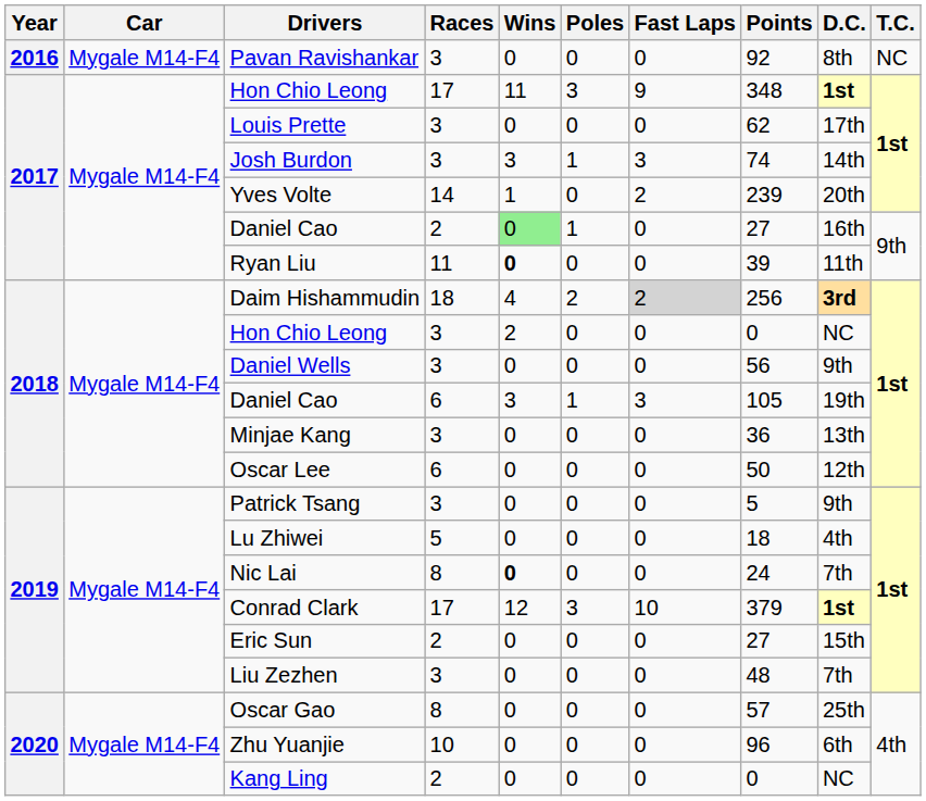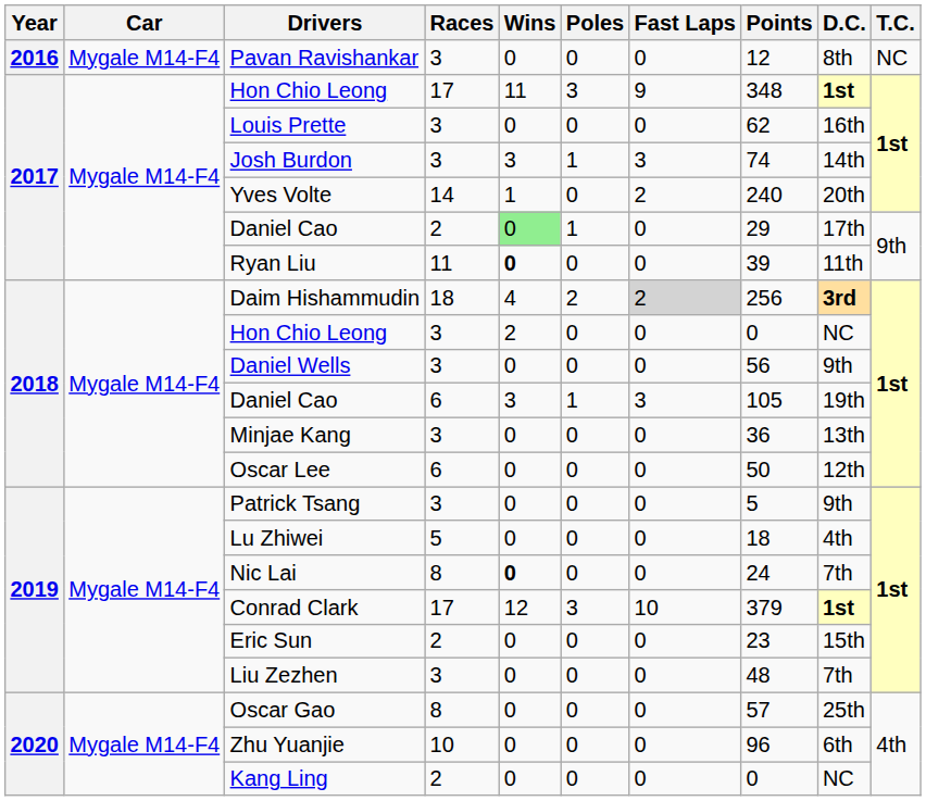 <table class="wikitable" style="font-size: 90%;">
 <tr>
 <th>Year</th>
 <th>Car</th>
 <th>Drivers</th>
 <th>Races</th>
 <th>Wins</th>
 <th>Poles</th>
 <th>Fast Laps</th>
 <th>Points</th>
 <th>D.C.</th>
 <th>T.C.</th>
 </tr>
 <tr>
 <th><a href='#'>2016</a></th>
 <td align=left><a href='#'>Mygale M14-F4</a></td>
 <td align=left> <a href='#'>Pavan Ravishankar</a></td>
 <td>3</td>
 <td>0</td>
 <td>0</td>
 <td>0</td>
-<td>92</td>
+<td>12</td>
 <td>8th</td>
 <td>NC</td>
 </tr>
 <tr>
 <th rowspan="6"><a href='#'>2017</a></th>
 <td rowspan="6" align=left><a href='#'>Mygale M14-F4</a></td>
 <td align=left> <a href='#'>Hon Chio Leong</a></td>
 <td>17</td>
 <td>11</td>
 <td>3</td>
 <td>9</td>
 <td>348</td>
 <td style="background:#FFFFBF;"><strong>1st</strong></td>
 <td rowspan="4" style="background:#FFFFBF;"><strong>1st</strong></td>
 </tr>
 <tr>
 <td align=left> <a href='#'>Louis Prette</a></td>
 <td>3</td>
 <td>0</td>
 <td>0</td>
 <td>0</td>
 <td>62</td>
-<td>17th</td>
+<td>16th</td>
 </tr>
 <tr>
 <td align=left> <a href='#'>Josh Burdon</a></td>
 <td>3</td>
 <td>3</td>
 <td>1</td>
 <td>3</td>
 <td>74</td>
 <td>14th</td>
 </tr>
 <tr>
 <td align=left> Yves Volte</td>
 <td>14</td>
 <td>1</td>
 <td>0</td>
 <td>2</td>
-<td>239</td>
+<td>240</td>
 <td>20th</td>
 </tr>
 <tr>
 <td align=left> Daniel Cao</td>
 <td>2</td>
 <td style="background: lightgreen;">0</td>
 <td>1</td>
 <td>0</td>
-<td>27</td>
-<td>16th</td>
+<td>29</td>
+<td>17th</td>
 <td rowspan="2">9th</td>
 </tr>
 <tr>
 <td align=left> Ryan Liu</td>
 <td>11</td>
 <td><strong>0</strong></td>
 <td>0</td>
 <td>0</td>
 <td>39</td>
 <td>11th</td>
 </tr>
 <tr>
 <th rowspan="6"><a href='#'>2018</a></th>
 <td rowspan="6" align=left><a href='#'>Mygale M14-F4</a></td>
 <td align=left> Daim Hishammudin</td>
 <td>18</td>
 <td>4</td>
 <td>2</td>
 <td style="background: lightgrey;">2</td>
 <td>256</td>
 <td style="background:#FFDF9F;"><strong>3rd</strong></td>
 <td rowspan="6" style="background:#FFFFBF;"><strong>1st</strong></td>
 </tr>
 <tr>
 <td align=left> <a href='#'>Hon Chio Leong</a></td>
 <td>3</td>
 <td>2</td>
 <td>0</td>
 <td>0</td>
 <td>0</td>
 <td>NC</td>
 </tr>
 <tr>
 <td align=left> <a href='#'>Daniel Wells</a></td>
 <td>3</td>
 <td>0</td>
 <td>0</td>
 <td>0</td>
 <td>56</td>
 <td>9th</td>
 </tr>
 <tr>
 <td align=left> Daniel Cao</td>
 <td>6</td>
 <td>3</td>
 <td>1</td>
 <td>3</td>
 <td>105</td>
 <td>19th</td>
 </tr>
 <tr>
 <td align=left> Minjae Kang</td>
 <td>3</td>
 <td>0</td>
 <td>0</td>
 <td>0</td>
 <td>36</td>
 <td>13th</td>
 </tr>
 <tr>
 <td align=left> Oscar Lee</td>
 <td>6</td>
 <td>0</td>
 <td>0</td>
 <td>0</td>
 <td>50</td>
 <td>12th</td>
 </tr>
 <tr>
 <th rowspan="6"><a href='#'>2019</a></th>
 <td rowspan="6" align=left><a href='#'>Mygale M14-F4</a></td>
 <td align=left> Patrick Tsang</td>
 <td>3</td>
 <td>0</td>
 <td>0</td>
 <td>0</td>
 <td>5</td>
 <td>9th</td>
 <td rowspan="6" style="background:#FFFFBF;"><strong>1st</strong></td>
 </tr>
 <tr>
 <td align=left> Lu Zhiwei</td>
 <td>5</td>
 <td>0</td>
 <td>0</td>
 <td>0</td>
 <td>18</td>
 <td>4th</td>
 </tr>
 <tr>
 <td align=left> Nic Lai</td>
 <td>8</td>
 <td><strong>0</strong></td>
 <td>0</td>
 <td>0</td>
 <td>24</td>
 <td>7th</td>
 </tr>
 <tr>
 <td align=left> Conrad Clark</td>
 <td>17</td>
 <td>12</td>
 <td>3</td>
 <td>10</td>
 <td>379</td>
 <td style="background:#FFFFBF;"><strong>1st</strong></td>
 </tr>
 <tr>
 <td align=left> Eric Sun</td>
 <td>2</td>
 <td>0</td>
 <td>0</td>
 <td>0</td>
-<td>27</td>
+<td>23</td>
 <td>15th</td>
 </tr>
 <tr>
 <td align=left> Liu Zezhen</td>
 <td>3</td>
 <td>0</td>
 <td>0</td>
 <td>0</td>
 <td>48</td>
 <td>7th</td>
 </tr>
 <tr>
 <th rowspan="3"><a href='#'>2020</a></th>
 <td rowspan="3" align=left><a href='#'>Mygale M14-F4</a></td>
 <td align=left> Oscar Gao</td>
 <td>8</td>
 <td>0</td>
 <td>0</td>
 <td>0</td>
 <td>57</td>
 <td>25th</td>
 <td rowspan="3">4th</td>
 </tr>
 <tr>
 <td align=left> Zhu Yuanjie</td>
 <td>10</td>
 <td>0</td>
 <td>0</td>
 <td>0</td>
 <td>96</td>
 <td>6th</td>
 </tr>
 <tr>
 <td align=left> <a href='#'>Kang Ling</a></td>
 <td>2</td>
 <td>0</td>
 <td>0</td>
 <td>0</td>
 <td>0</td>
 <td>NC</td>
 </tr>
 </table>
